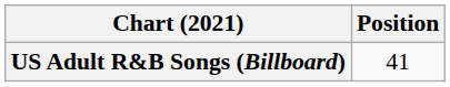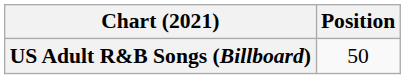 <table class="wikitable sortable plainrowheaders" style="text-align:center">
 <tr>
 <th scope="col">Chart (2021)</th>
 <th scope="col">Position</th>
 </tr>
 <tr>
 <th scope="row">US Adult R&B Songs (<em>Billboard</em>)</th>
-<td>41</td>
+<td>50</td>
 </tr>
 </table>
